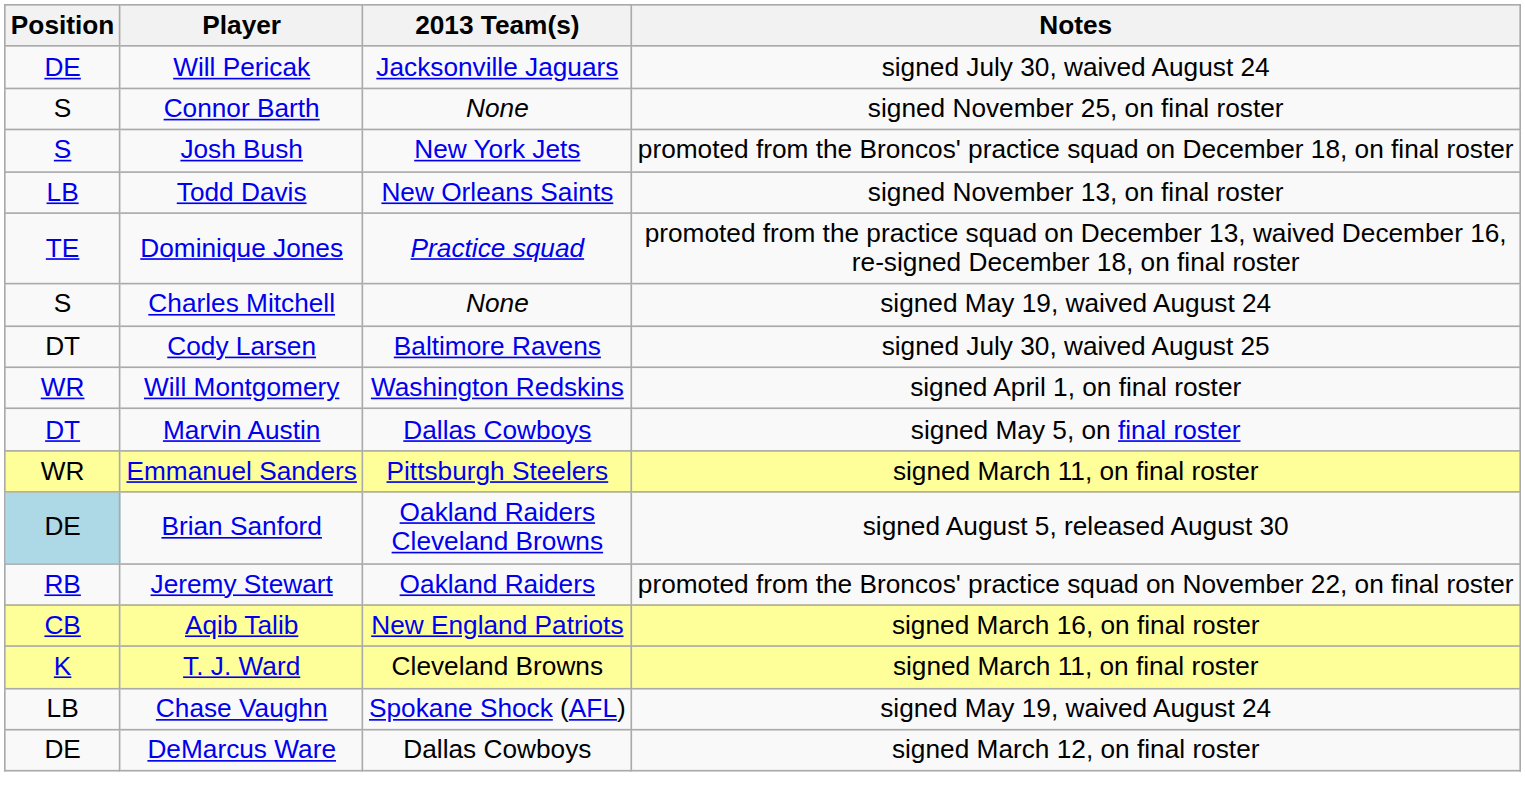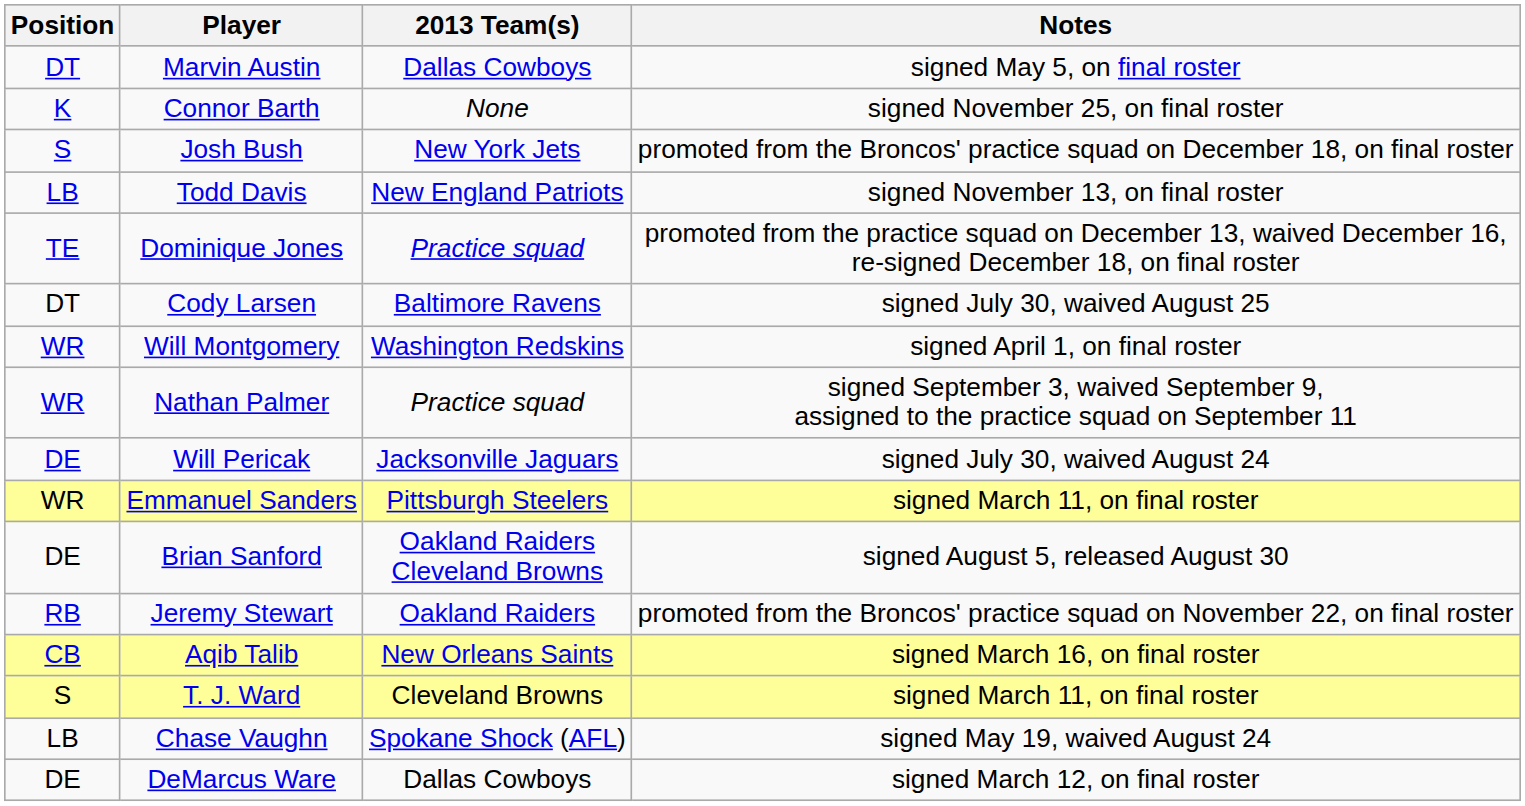 <table class="wikitable" style="text-align:center">
 <tr>
 <th>Position</th>
 <th>Player</th>
 <th>2013 Team(s)</th>
 <th>Notes</th>
 </tr>
 <tr>
-<td><a href='#'>DE</a></td>
-<td><a href='#'>Will Pericak</a></td>
-<td><a href='#'>Jacksonville Jaguars</a></td>
-<td>signed July 30, waived August 24</td>
+<td><a href='#'>DT</a></td>
+<td><a href='#'>Marvin Austin</a></td>
+<td><a href='#'>Dallas Cowboys</a></td>
+<td>signed May 5, on <a href='#'>final roster</a></td>
 </tr>
 <tr>
-<td>S</td>
+<td><a href='#'>K</a></td>
 <td><a href='#'>Connor Barth</a></td>
 <td><em>None</em></td>
 <td>signed November 25, on final roster</td>
 </tr>
 <tr>
 <td><a href='#'>S</a></td>
 <td><a href='#'>Josh Bush</a></td>
 <td><a href='#'>New York Jets</a></td>
 <td>promoted from the Broncos' practice squad on December 18, on final roster</td>
 </tr>
 <tr>
 <td><a href='#'>LB</a></td>
 <td><a href='#'>Todd Davis</a></td>
-<td><a href='#'>New Orleans Saints</a></td>
+<td><a href='#'>New England Patriots</a></td>
 <td>signed November 13, on final roster</td>
 </tr>
 <tr>
 <td><a href='#'>TE</a></td>
 <td><a href='#'>Dominique Jones</a></td>
 <td><em><a href='#'>Practice squad</a></em></td>
 <td>promoted from the practice squad on December 13, waived December 16,<br> re-signed December 18, on final roster</td>
-</tr>
-<tr>
-<td>S</td>
-<td><a href='#'>Charles Mitchell</a></td>
-<td><em>None</em></td>
-<td>signed May 19, waived August 24</td>
 </tr>
 <tr>
 <td>DT</td>
 <td><a href='#'>Cody Larsen</a></td>
 <td><a href='#'>Baltimore Ravens</a></td>
 <td>signed July 30, waived August 25</td>
 </tr>
 <tr>
 <td><a href='#'>WR</a></td>
 <td><a href='#'>Will Montgomery</a></td>
 <td><a href='#'>Washington Redskins</a></td>
 <td>signed April 1, on final roster</td>
 </tr>
 <tr>
-<td><a href='#'>DT</a></td>
-<td><a href='#'>Marvin Austin</a></td>
-<td><a href='#'>Dallas Cowboys</a></td>
-<td>signed May 5, on <a href='#'>final roster</a></td>
+<td><a href='#'>WR</a></td>
+<td><a href='#'>Nathan Palmer</a></td>
+<td><em>Practice squad</em></td>
+<td>signed September 3, waived September 9,<br>assigned to the practice squad on September 11</td>
+</tr>
+<tr>
+<td><a href='#'>DE</a></td>
+<td><a href='#'>Will Pericak</a></td>
+<td><a href='#'>Jacksonville Jaguars</a></td>
+<td>signed July 30, waived August 24</td>
 </tr>
 <tr style="background:#ff9;">
 <td>WR</td>
 <td><a href='#'>Emmanuel Sanders</a></td>
 <td><a href='#'>Pittsburgh Steelers</a></td>
 <td>signed March 11, on final roster</td>
 </tr>
 <tr>
-<td style="background: lightblue;">DE</td>
+<td>DE</td>
 <td><a href='#'>Brian Sanford</a></td>
 <td><a href='#'>Oakland Raiders</a><br><a href='#'>Cleveland Browns</a></td>
 <td>signed August 5, released August 30</td>
 </tr>
 <tr>
 <td><a href='#'>RB</a></td>
 <td><a href='#'>Jeremy Stewart</a></td>
 <td><a href='#'>Oakland Raiders</a></td>
 <td>promoted from the Broncos' practice squad on November 22, on final roster</td>
 </tr>
 <tr style="background:#ff9;">
 <td><a href='#'>CB</a></td>
 <td><a href='#'>Aqib Talib</a></td>
-<td><a href='#'>New England Patriots</a></td>
+<td><a href='#'>New Orleans Saints</a></td>
 <td>signed March 16, on final roster</td>
 </tr>
 <tr style="background:#ff9;">
-<td><a href='#'>K</a></td>
+<td>S</td>
 <td><a href='#'>T. J. Ward</a></td>
 <td>Cleveland Browns</td>
 <td>signed March 11, on final roster</td>
 </tr>
 <tr>
 <td>LB</td>
 <td><a href='#'>Chase Vaughn</a></td>
 <td><a href='#'>Spokane Shock</a> (<a href='#'>AFL</a>)</td>
 <td>signed May 19, waived August 24</td>
 </tr>
 <tr>
 <td>DE</td>
 <td><a href='#'>DeMarcus Ware</a></td>
 <td>Dallas Cowboys</td>
 <td>signed March 12, on final roster</td>
 </tr>
 </table>
